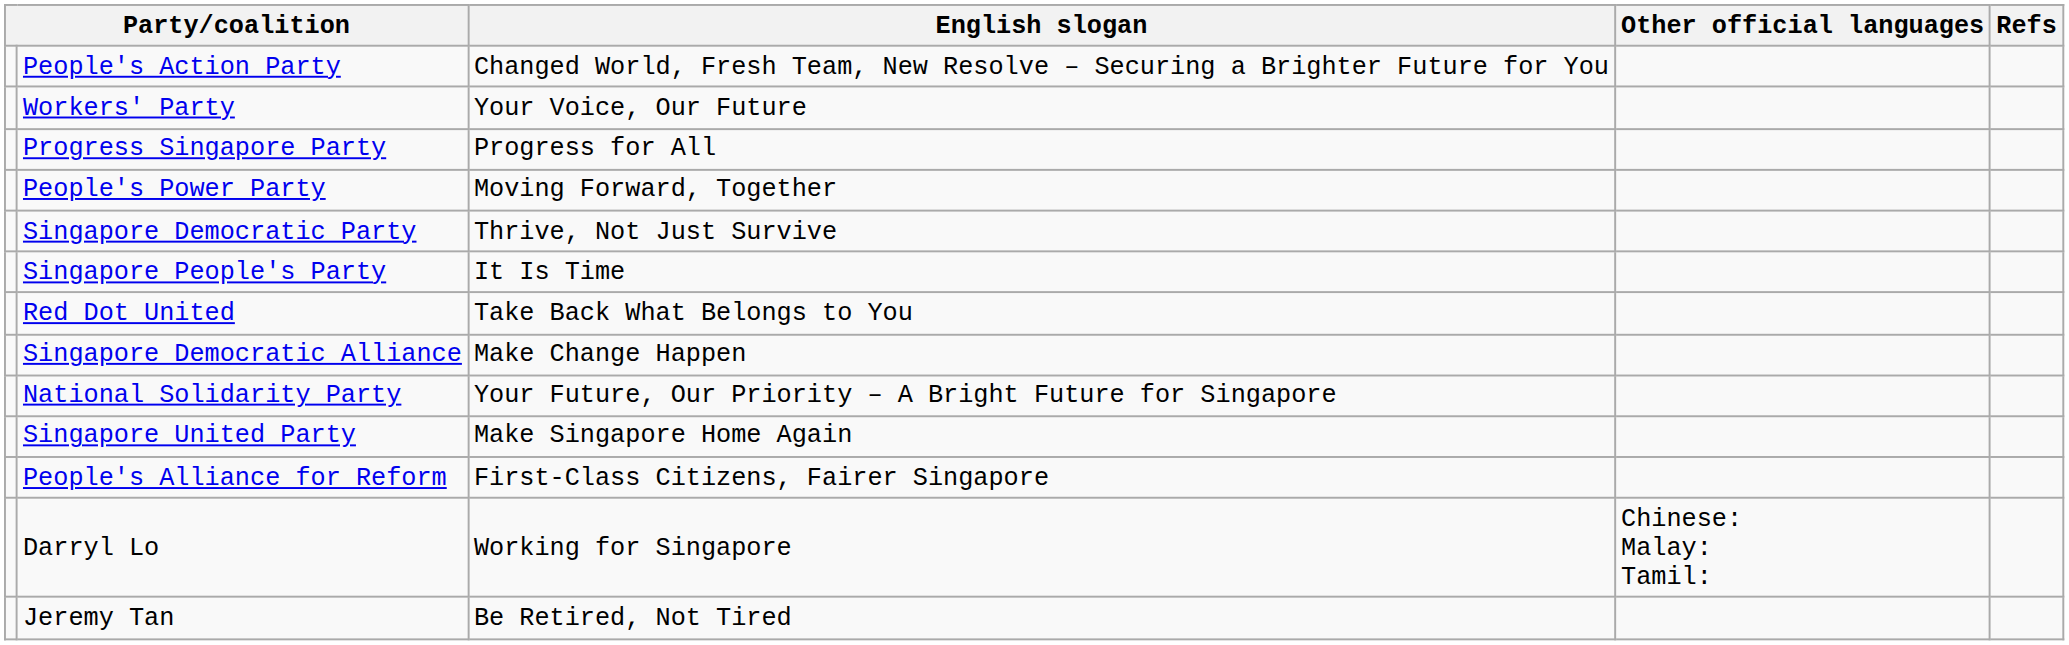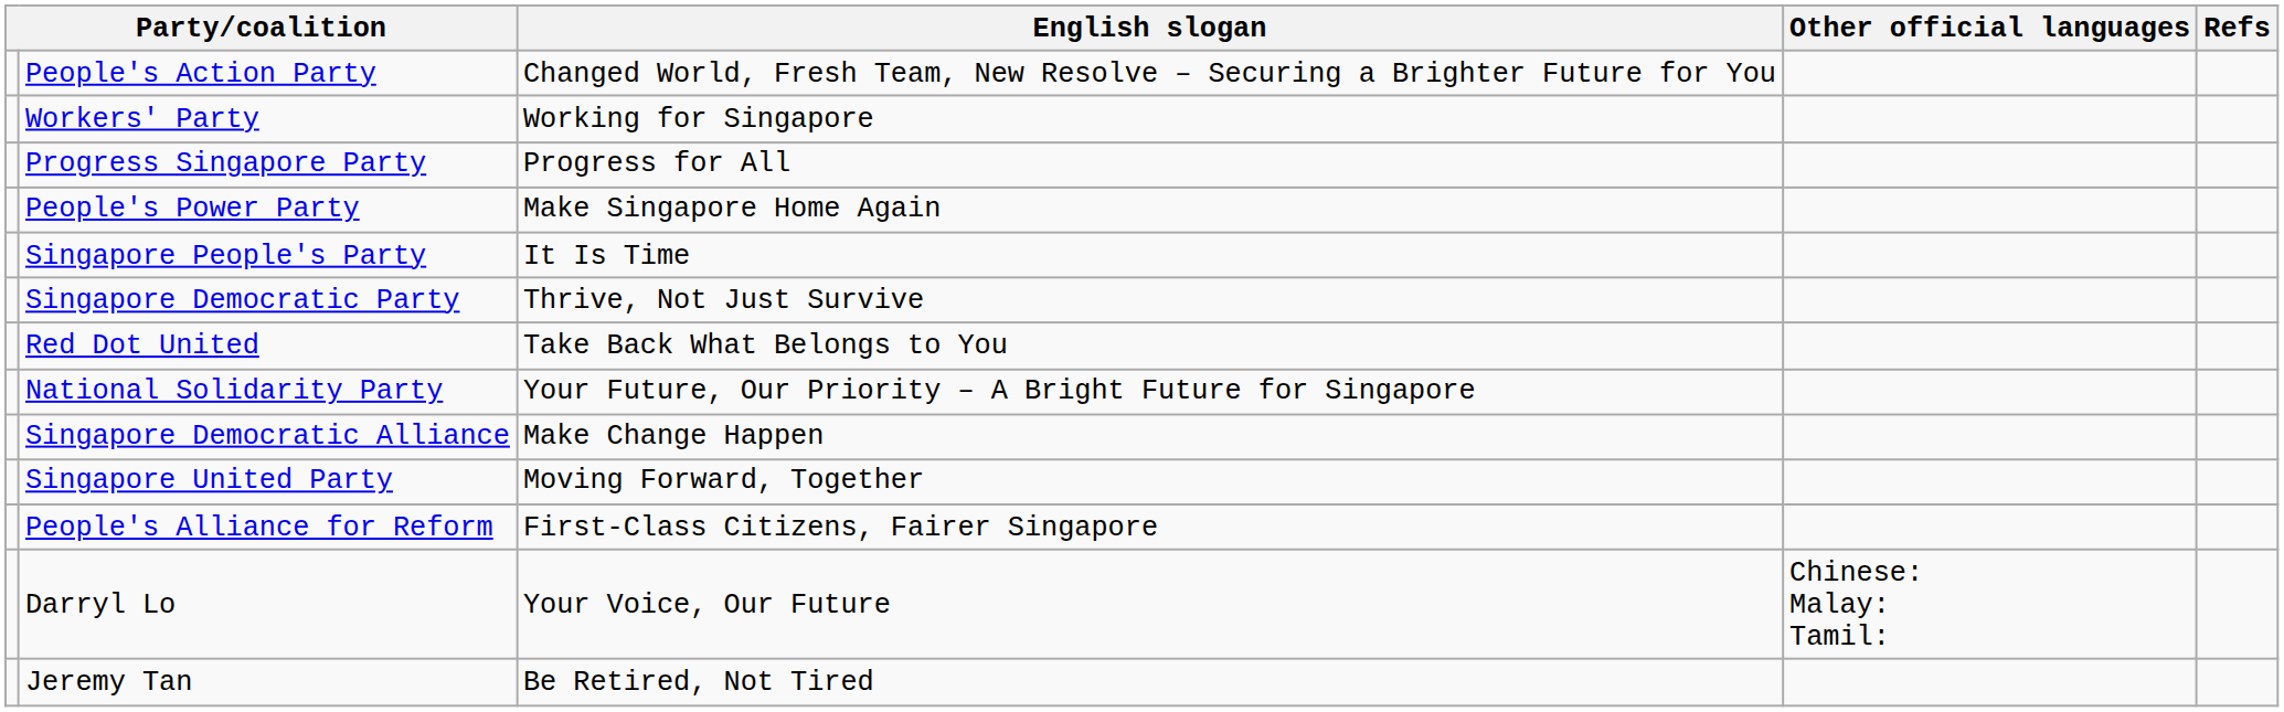 <table class="wikitable">
 <tr>
 <th colspan="2">Party/coalition</th>
 <th>English slogan</th>
 <th>Other official languages</th>
 <th>Refs<br></th>
 </tr>
 <tr>
 <td style="background: "></td>
 <td><a href='#'>People's Action Party</a></td>
 <td>Changed World, Fresh Team, New Resolve – Securing a Brighter Future for You</td>
 <td></td>
 <td></td>
 </tr>
 <tr>
 <td style="background: "></td>
 <td><a href='#'>Workers' Party</a></td>
-<td>Your Voice, Our Future</td>
+<td>Working for Singapore</td>
 <td></td>
 <td></td>
 </tr>
 <tr>
 <td style="background: "></td>
 <td><a href='#'>Progress Singapore Party</a></td>
 <td>Progress for All</td>
 <td></td>
 <td></td>
 </tr>
 <tr>
 <td style="background: "></td>
 <td><a href='#'>People's Power Party</a></td>
-<td>Moving Forward, Together</td>
+<td>Make Singapore Home Again</td>
+<td></td>
+<td></td>
+</tr>
+<tr>
+<td style="background: "></td>
+<td><a href='#'>Singapore People's Party</a></td>
+<td>It Is Time</td>
 <td></td>
 <td></td>
 </tr>
 <tr>
 <td style="background: "></td>
 <td><a href='#'>Singapore Democratic Party</a></td>
 <td>Thrive, Not Just Survive</td>
 <td></td>
 <td></td>
 </tr>
 <tr>
 <td style="background: "></td>
-<td><a href='#'>Singapore People's Party</a></td>
-<td>It Is Time</td>
+<td><a href='#'>Red Dot United</a></td>
+<td>Take Back What Belongs to You</td>
 <td></td>
 <td></td>
 </tr>
 <tr>
 <td style="background: "></td>
-<td><a href='#'>Red Dot United</a></td>
-<td>Take Back What Belongs to You</td>
+<td><a href='#'>National Solidarity Party</a></td>
+<td>Your Future, Our Priority – A Bright Future for Singapore</td>
 <td></td>
 <td></td>
 </tr>
 <tr>
 <td style="background: "></td>
 <td><a href='#'>Singapore Democratic Alliance</a></td>
 <td>Make Change Happen</td>
 <td></td>
 <td></td>
 </tr>
 <tr>
 <td style="background: "></td>
-<td><a href='#'>National Solidarity Party</a></td>
-<td>Your Future, Our Priority – A Bright Future for Singapore</td>
-<td></td>
-<td></td>
-</tr>
-<tr>
-<td style="background: "></td>
 <td><a href='#'>Singapore United Party</a></td>
-<td>Make Singapore Home Again</td>
+<td>Moving Forward, Together</td>
 <td></td>
 <td></td>
 </tr>
 <tr>
 <td style="background: "></td>
 <td><a href='#'>People's Alliance for Reform</a></td>
 <td>First-Class Citizens, Fairer Singapore</td>
 <td></td>
 <td></td>
 </tr>
 <tr>
 <td style="background: "></td>
 <td>Darryl Lo</td>
-<td>Working for Singapore</td>
+<td>Your Voice, Our Future</td>
 <td>Chinese: <br>Malay: <br>Tamil: </td>
 <td></td>
 </tr>
 <tr>
 <td style="background: "></td>
 <td>Jeremy Tan</td>
 <td>Be Retired, Not Tired</td>
 <td></td>
 <td></td>
 </tr>
 </table>
